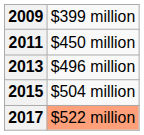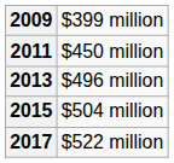 <table class="wikitable plainrowheaders">
 <tr>
 <th scope="row">2009</th>
 <td>$399 million</td>
 </tr>
 <tr>
 <th scope="row">2011</th>
 <td>$450 million</td>
 </tr>
 <tr>
 <th scope="row">2013</th>
 <td>$496 million</td>
 </tr>
 <tr>
 <th scope="row">2015</th>
 <td>$504 million</td>
 </tr>
 <tr>
 <th scope="row">2017</th>
-<td style="background: lightsalmon;">$522 million</td>
+<td>$522 million</td>
 </tr>
 </table>
